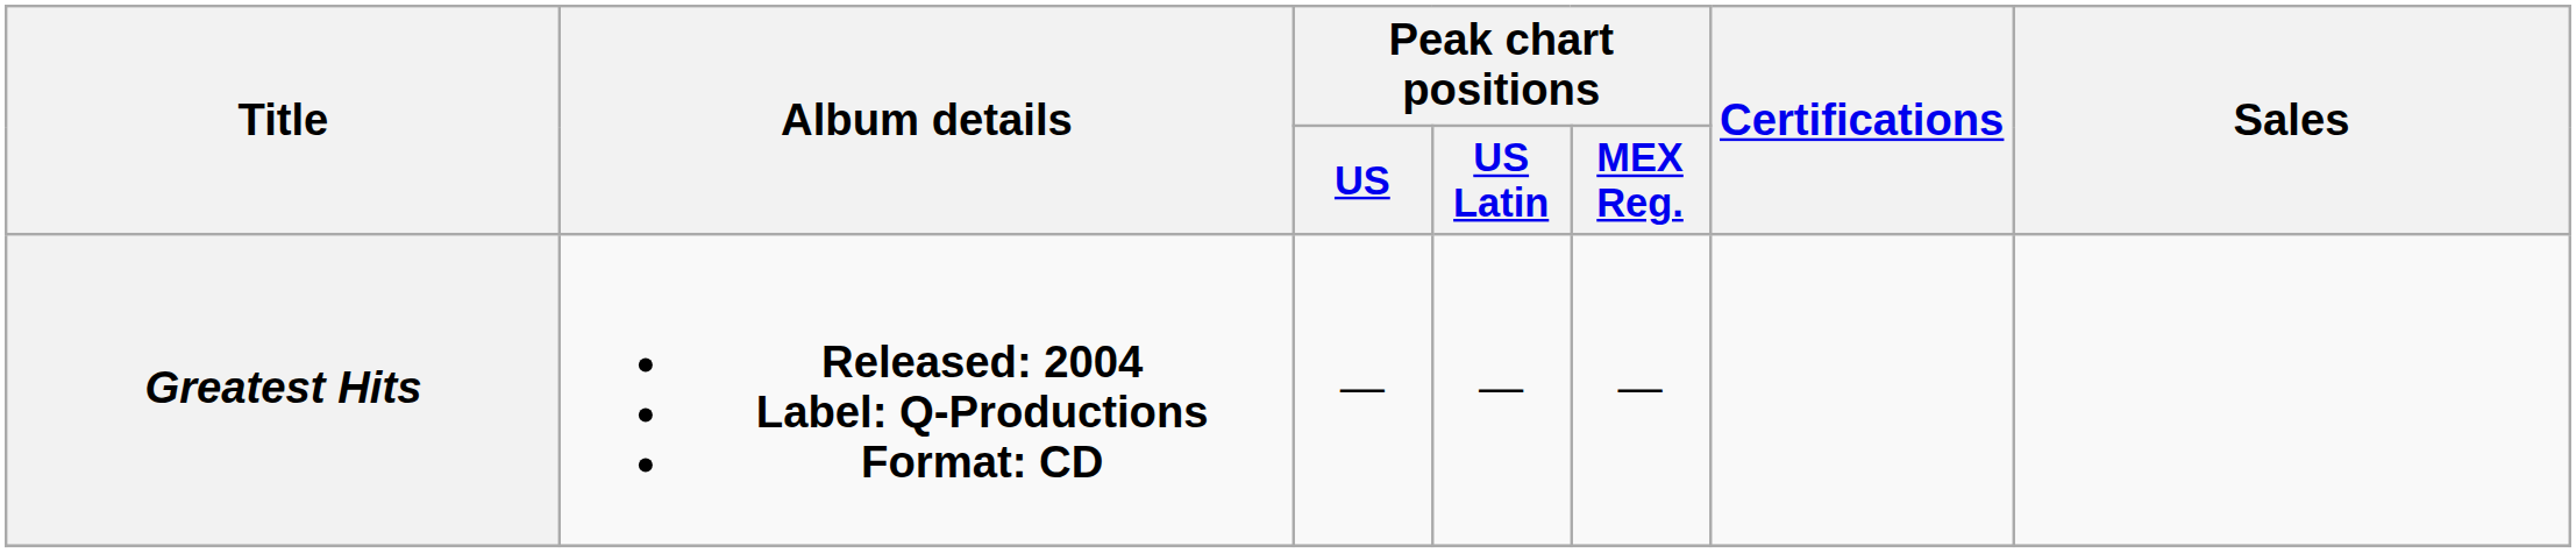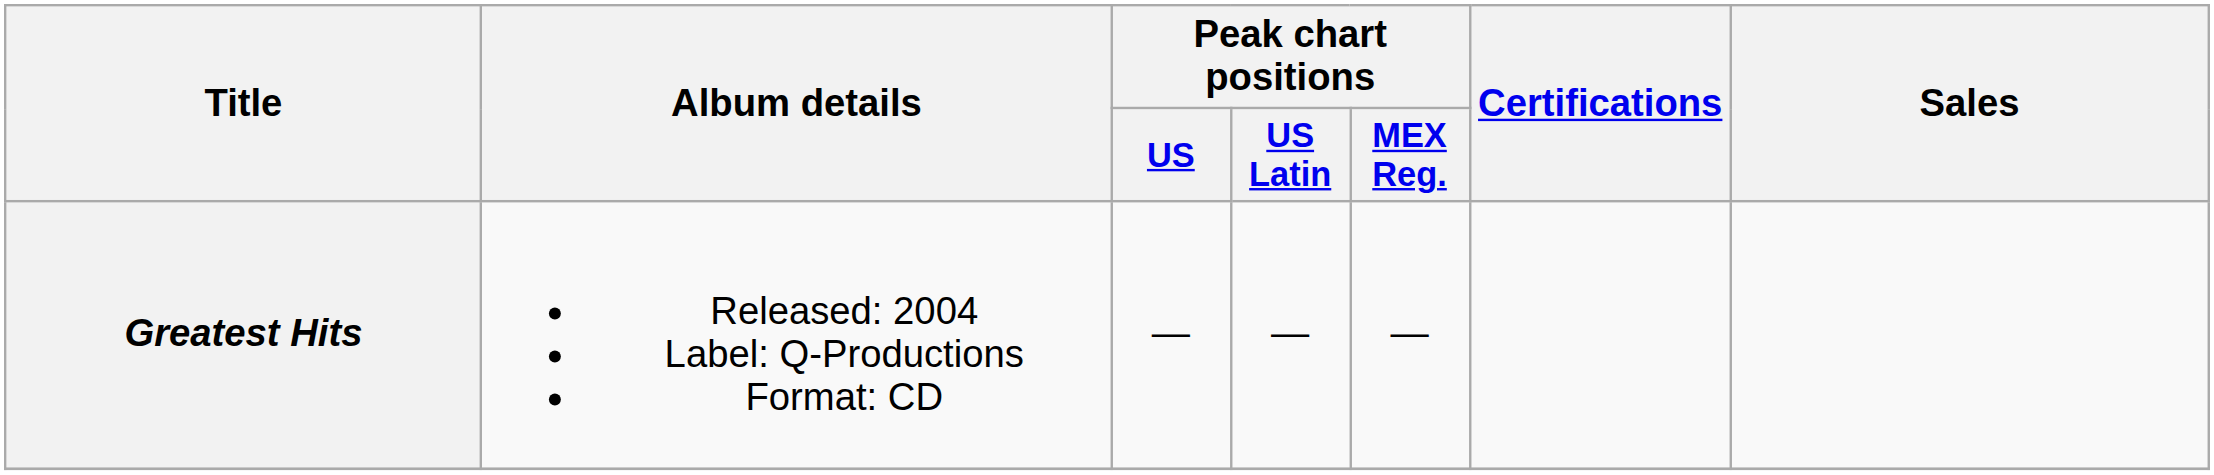 <table class="wikitable plainrowheaders" style="text-align:center;">
 <tr>
 <th scope="col" rowspan="2" style="width:12em;">Title</th>
 <th scope="col" rowspan="2" style="width:16em;">Album details</th>
 <th scope="col" colspan="3">Peak chart positions</th>
 <th scope="col" rowspan="2"><a href='#'>Certifications</a></th>
 <th scope="col" rowspan="2" style="width:12em;">Sales</th>
 </tr>
 <tr>
 <th scope="col" style="width:3em;font-size:90%;"><a href='#'>US</a><br></th>
 <th scope="col" style="width:3em;font-size:90%;"><a href='#'>US<br>Latin</a><br></th>
 <th scope="col" style="width:3em;font-size:90%;"><a href='#'>MEX<br>Reg.</a><br></th>
 </tr>
 <tr>
 <th scope="row"><em>Greatest Hits</em></th>
-<td><strong><br><ul><li>Released: 2004</li><li>Label: Q-Productions</li><li>Format: CD</li></ul></strong></td>
+<td><br><ul><li>Released: 2004</li><li>Label: Q-Productions</li><li>Format: CD</li></ul></td>
 <td>—</td>
 <td>—</td>
 <td>—</td>
 <td></td>
 <td></td>
 </tr>
 <tr>
 </tr>
 </table>
